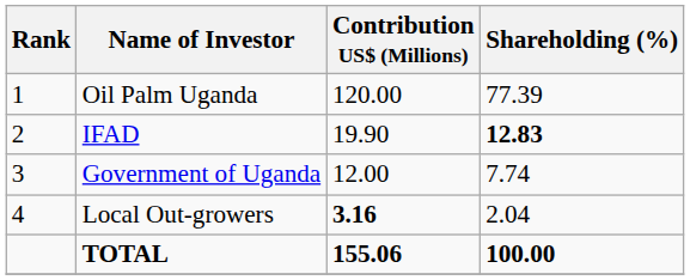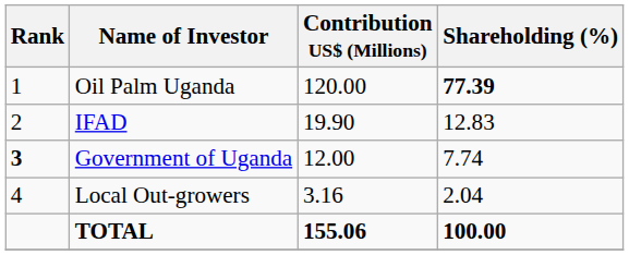 <table class="wikitable sortable" style="margin:0.5em auto">
 <tr>
 <th>Rank</th>
 <th>Name of Investor</th>
 <th>Contribution<small><br>US$ (Millions)</small></th>
 <th>Shareholding (%)</th>
 </tr>
 <tr>
 <td>1</td>
 <td>Oil Palm Uganda</td>
 <td>120.00</td>
-<td>77.39</td>
+<td><strong>77.39</strong></td>
 </tr>
 <tr>
 <td>2</td>
 <td><a href='#'>IFAD</a></td>
 <td>19.90</td>
-<td><strong>12.83</strong></td>
+<td>12.83</td>
 </tr>
 <tr>
-<td>3</td>
+<td><strong>3</strong></td>
 <td><a href='#'>Government of Uganda</a></td>
 <td>12.00</td>
 <td>7.74</td>
 </tr>
 <tr>
 <td>4</td>
 <td>Local Out-growers</td>
-<td><strong>3.16</strong></td>
+<td>3.16</td>
 <td>2.04</td>
 </tr>
 <tr>
 <td></td>
 <td><strong>TOTAL</strong></td>
 <td><strong>155.06</strong></td>
 <td><strong>100.00</strong></td>
 </tr>
 <tr>
 </tr>
 </table>
